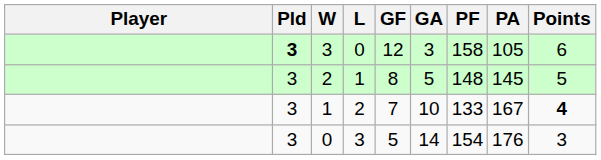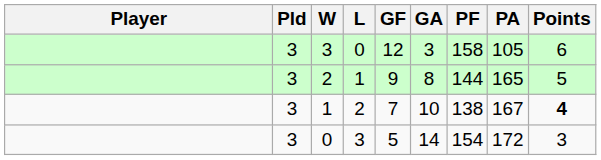 <table class=wikitable style="text-align:center">
 <tr>
 <th width=220>Player</th>
 <th width=20>Pld</th>
 <th width=20>W</th>
 <th width=20>L</th>
 <th width=20>GF</th>
 <th width=20>GA</th>
 <th width=20>PF</th>
 <th width=20>PA</th>
 <th width=50>Points</th>
 </tr>
 <tr bgcolor="#ccffcc">
 <td align=left></td>
-<td><strong>3</strong></td>
+<td>3</td>
 <td>3</td>
 <td>0</td>
 <td>12</td>
 <td>3</td>
 <td>158</td>
 <td>105</td>
 <td>6</td>
 </tr>
 <tr bgcolor="#ccffcc">
 <td align=left></td>
 <td>3</td>
 <td>2</td>
 <td>1</td>
+<td>9</td>
 <td>8</td>
-<td>5</td>
-<td>148</td>
-<td>145</td>
+<td>144</td>
+<td>165</td>
 <td>5</td>
 </tr>
 <tr>
 <td align=left></td>
 <td>3</td>
 <td>1</td>
 <td>2</td>
 <td>7</td>
 <td>10</td>
-<td>133</td>
+<td>138</td>
 <td>167</td>
 <td><strong>4</strong></td>
 </tr>
 <tr>
 <td align=left></td>
 <td>3</td>
 <td>0</td>
 <td>3</td>
 <td>5</td>
 <td>14</td>
 <td>154</td>
-<td>176</td>
+<td>172</td>
 <td>3</td>
 </tr>
 </table>
